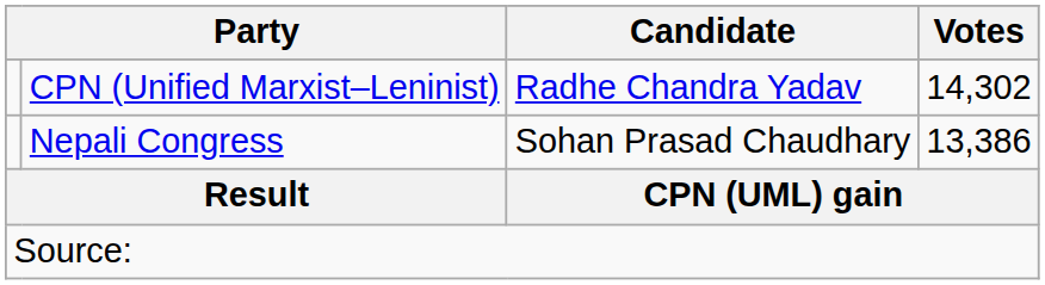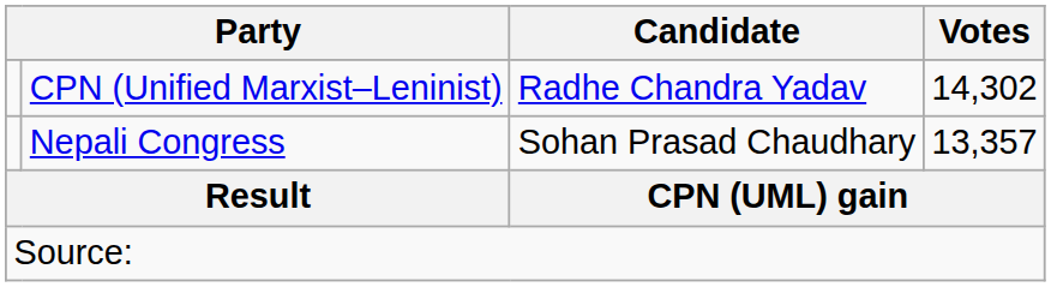 <table class="wikitable">
 <tr>
 <th colspan="2">Party</th>
 <th>Candidate</th>
 <th>Votes</th>
 </tr>
 <tr>
 <td style="background-color:"></td>
 <td><a href='#'>CPN (Unified Marxist–Leninist)</a></td>
 <td><a href='#'>Radhe Chandra Yadav</a></td>
 <td>14,302</td>
 </tr>
 <tr>
 <td style="background-color:"></td>
 <td><a href='#'>Nepali Congress</a></td>
 <td>Sohan Prasad Chaudhary</td>
-<td>13,386</td>
+<td>13,357</td>
 </tr>
 <tr>
 <th colspan="2">Result</th>
 <th colspan="2">CPN (UML) gain</th>
 </tr>
 <tr>
 <td colspan="4">Source: </td>
 </tr>
 </table>
